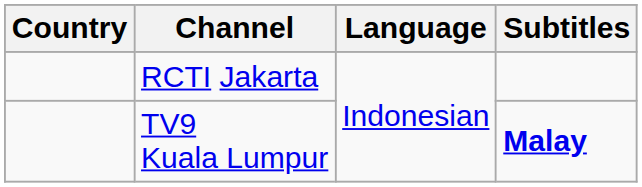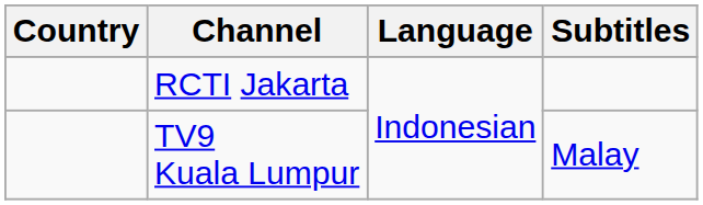 <table class="wikitable">
 <tr>
 <th>Country</th>
 <th>Channel</th>
 <th>Language</th>
 <th>Subtitles</th>
 </tr>
 <tr>
 <td></td>
 <td><a href='#'>RCTI</a> <a href='#'>Jakarta</a></td>
 <td rowspan="2"><a href='#'>Indonesian</a></td>
 <td></td>
 </tr>
 <tr>
 <td></td>
 <td><a href='#'>TV9</a><br><a href='#'>Kuala Lumpur</a></td>
-<td><strong><a href='#'>Malay</a></strong></td>
+<td><a href='#'>Malay</a></td>
 </tr>
 </table>
